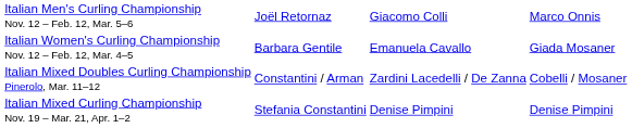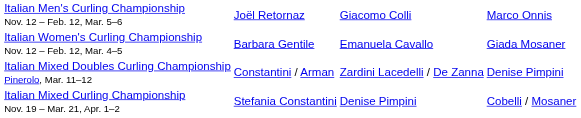 <table>
 <tr>
 <td><a href='#'>Italian Men's Curling Championship</a><br> <small>Nov. 12 – Feb. 12, Mar. 5–6</small></td>
 <td><a href='#'>Joël Retornaz</a></td>
 <td><a href='#'>Giacomo Colli</a></td>
 <td><a href='#'>Marco Onnis</a></td>
 </tr>
 <tr>
 <td><a href='#'>Italian Women's Curling Championship</a><br> <small>Nov. 12 – Feb. 12, Mar. 4–5</small></td>
 <td><a href='#'>Barbara Gentile</a></td>
 <td><a href='#'>Emanuela Cavallo</a></td>
 <td><a href='#'>Giada Mosaner</a></td>
 </tr>
 <tr>
 <td><a href='#'>Italian Mixed Doubles Curling Championship</a><br> <small><a href='#'>Pinerolo</a>, Mar. 11–12</small></td>
 <td><a href='#'>Constantini</a> / <a href='#'>Arman</a></td>
 <td><a href='#'>Zardini Lacedelli</a> / <a href='#'>De Zanna</a></td>
-<td><a href='#'>Cobelli</a> / <a href='#'>Mosaner</a></td>
+<td><a href='#'>Denise Pimpini</a></td>
 </tr>
 <tr>
 <td><a href='#'>Italian Mixed Curling Championship</a><br> <small>Nov. 19 – Mar. 21, Apr. 1–2</small></td>
 <td><a href='#'>Stefania Constantini</a></td>
 <td><a href='#'>Denise Pimpini</a></td>
-<td><a href='#'>Denise Pimpini</a></td>
+<td><a href='#'>Cobelli</a> / <a href='#'>Mosaner</a></td>
 </tr>
 </table>
